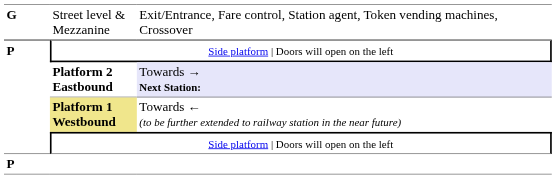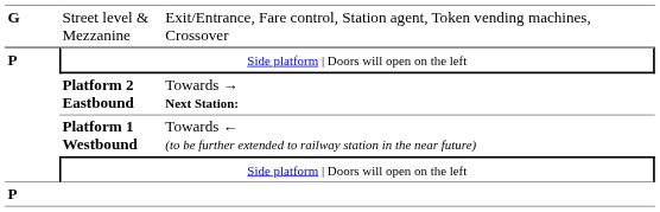 <table table border=0 cellspacing=0 cellpadding=3>
 <tr>
 <td style="border-bottom:solid 1px gray;border-top:solid 1px gray;" width=50 valign=top><strong>G</strong></td>
 <td style="border-top:solid 1px gray;border-bottom:solid 1px gray;" width=100 valign=top>Street level & Mezzanine</td>
 <td style="border-top:solid 1px gray;border-bottom:solid 1px gray;" width=500 valign=top>Exit/Entrance, Fare control, Station agent, Token vending machines, Crossover</td>
 </tr>
 <tr>
 <td style="border-top:solid 1px gray;border-bottom:solid 1px gray;" width=50 rowspan=4 valign=top><strong>P</strong></td>
 <td style="border-top:solid 1px gray;border-right:solid 2px black;border-left:solid 2px black;border-bottom:solid 2px black;text-align:center;" colspan=2><small><a href='#'>Side platform</a> | Doors will open on the left </small></td>
 </tr>
 <tr>
 <td style="border-bottom:solid 1px gray;" width=100><span><strong>Platform 2</strong><br><strong>Eastbound</strong></span></td>
-<td style="background: lavender; border-bottom:solid 1px gray;" width=500>Towards → <br><small><strong>Next Station:</strong> </small></td>
+<td style="border-bottom:solid 1px gray;" width=500>Towards → <br><small><strong>Next Station:</strong> </small></td>
 </tr>
 <tr>
-<td style="background: khaki;"><span><strong>Platform 1</strong><br><strong>Westbound</strong></span></td>
+<td><span><strong>Platform 1</strong><br><strong>Westbound</strong></span></td>
 <td>Towards ← <br><small><em>(to be further extended to <strong></strong> railway station in the near future)</em></small></td>
 </tr>
 <tr>
 <td style="border-top:solid 2px black;border-right:solid 2px black;border-left:solid 2px black;border-bottom:solid 1px gray;" colspan=2  align=center><small><a href='#'>Side platform</a> | Doors will open on the left </small></td>
 </tr>
 <tr>
 <td style="border-bottom:solid 1px gray;" width=50 rowspan=2 valign=top><strong>P</strong></td>
 <td style="border-bottom:solid 1px gray;" width=100></td>
 <td style="border-bottom:solid 1px gray;" width=500></td>
 </tr>
 <tr>
 </tr>
 </table>
